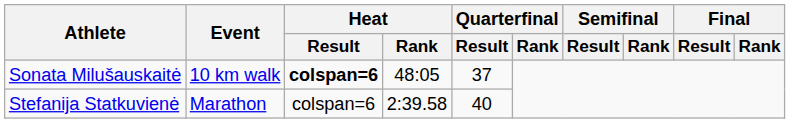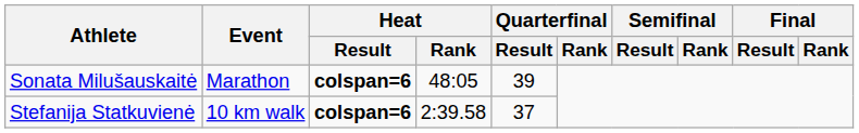 <table class="wikitable" style="font-size:90%">
 <tr>
 <th rowspan="2">Athlete</th>
 <th rowspan="2">Event</th>
 <th colspan="2">Heat</th>
 <th colspan="2">Quarterfinal</th>
 <th colspan="2">Semifinal</th>
 <th colspan="2">Final</th>
 </tr>
 <tr style="font-size:95%">
 <th>Result</th>
 <th>Rank</th>
 <th>Result</th>
 <th>Rank</th>
 <th>Result</th>
 <th>Rank</th>
 <th>Result</th>
 <th>Rank</th>
 </tr>
 <tr align=center>
 <td align=left><a href='#'>Sonata Milušauskaitė</a></td>
-<td align=left><a href='#'>10 km walk</a></td>
+<td align=left><a href='#'>Marathon</a></td>
 <td><strong>colspan=6 </strong></td>
 <td>48:05</td>
-<td>37</td>
+<td>39</td>
 </tr>
 <tr align=center>
 <td align=left><a href='#'>Stefanija Statkuvienė</a></td>
-<td align=left><a href='#'>Marathon</a></td>
-<td>colspan=6 </td>
+<td align=left><a href='#'>10 km walk</a></td>
+<td><strong>colspan=6 </strong></td>
 <td>2:39.58</td>
-<td>40</td>
+<td>37</td>
 </tr>
 </table>
